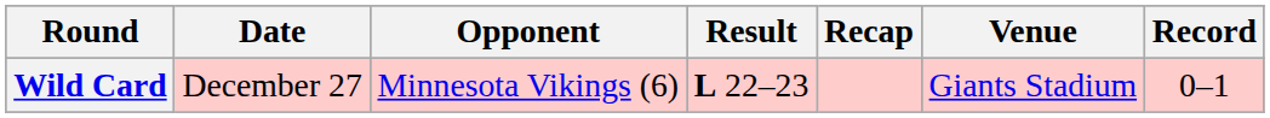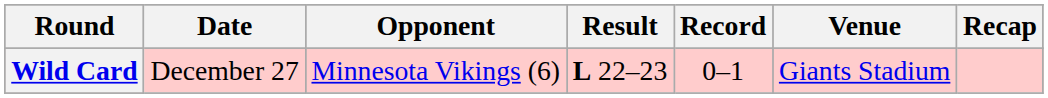 <table class="wikitable" style="text-align:center">
 <tr>
 <th>Round</th>
 <th>Date</th>
 <th>Opponent</th>
 <th>Result</th>
+<th>Record</th>
+<th>Venue</th>
 <th>Recap</th>
-<th>Venue</th>
-<th>Record</th>
 </tr>
 <tr style="background:#fcc">
 <th><a href='#'>Wild Card</a></th>
 <td>December 27</td>
 <td><a href='#'>Minnesota Vikings</a> (6)</td>
 <td><strong>L</strong> 22–23</td>
+<td>0–1</td>
+<td><a href='#'>Giants Stadium</a></td>
 <td></td>
-<td><a href='#'>Giants Stadium</a></td>
-<td>0–1</td>
 </tr>
 </table>
